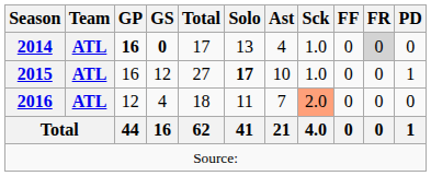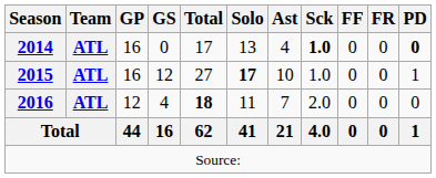 <table class=wikitable style="text-align:center;">
 <tr>
 <th>Season</th>
 <th>Team</th>
 <th>GP</th>
 <th>GS</th>
 <th>Total</th>
 <th>Solo</th>
 <th>Ast</th>
 <th>Sck</th>
 <th>FF</th>
 <th>FR</th>
 <th>PD</th>
 </tr>
 <tr>
 <th><a href='#'>2014</a></th>
 <th><a href='#'>ATL</a></th>
-<td><strong>16</strong></td>
-<td><strong>0</strong></td>
+<td>16</td>
+<td>0</td>
 <td>17</td>
 <td>13</td>
 <td>4</td>
-<td>1.0</td>
+<td><strong>1.0</strong></td>
 <td>0</td>
-<td style="background: lightgrey;">0</td>
 <td>0</td>
+<td><strong>0</strong></td>
 </tr>
 <tr>
 <th><a href='#'>2015</a></th>
 <th><a href='#'>ATL</a></th>
 <td>16</td>
 <td>12</td>
 <td>27</td>
 <td><strong>17</strong></td>
 <td>10</td>
 <td>1.0</td>
 <td>0</td>
 <td>0</td>
 <td>1</td>
 </tr>
 <tr>
 <th><a href='#'>2016</a></th>
 <th><a href='#'>ATL</a></th>
 <td>12</td>
 <td>4</td>
-<td>18</td>
+<td><strong>18</strong></td>
 <td>11</td>
 <td>7</td>
-<td style="background: lightsalmon;">2.0</td>
+<td>2.0</td>
 <td>0</td>
 <td>0</td>
 <td>0</td>
 </tr>
 <tr>
 <th colspan=2>Total</th>
 <th>44</th>
 <th>16</th>
 <th>62</th>
 <th>41</th>
 <th>21</th>
 <th>4.0</th>
 <th>0</th>
 <th>0</th>
 <th>1</th>
 </tr>
 <tr>
 <td colspan="11"><small>Source: </small></td>
 </tr>
 </table>
